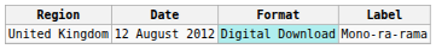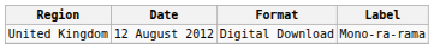 <table class=wikitable>
 <tr>
 <th scope="col">Region</th>
 <th scope="col">Date</th>
 <th scope="col">Format</th>
 <th scope="col">Label</th>
 </tr>
 <tr>
 <td>United Kingdom</td>
 <td>12 August 2012</td>
-<td style="background: paleturquoise;">Digital Download</td>
+<td>Digital Download</td>
 <td>Mono-ra-rama</td>
 </tr>
 <tr>
 </tr>
 </table>
